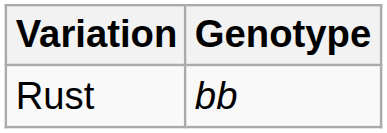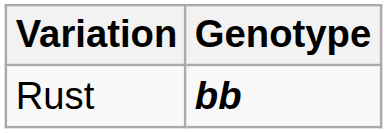 <table class="wikitable" style="margin:1em auto;">
 <tr>
 <th>Variation</th>
 <th>Genotype</th>
 </tr>
 <tr>
 <td>Rust</td>
-<td><em>bb</em></td>
+<td><strong><em>bb</em></strong></td>
 </tr>
 </table>
